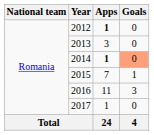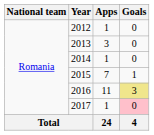 <table class="wikitable" style="text-align:center">
 <tr>
 <th>National team</th>
 <th>Year</th>
 <th>Apps</th>
 <th>Goals</th>
 </tr>
 <tr>
 <td rowspan="6"><a href='#'>Romania</a></td>
 <td>2012</td>
-<td><strong>1</strong></td>
+<td>1</td>
 <td>0</td>
 </tr>
 <tr>
 <td>2013</td>
 <td>3</td>
 <td>0</td>
 </tr>
 <tr>
 <td>2014</td>
-<td><strong>1</strong></td>
-<td style="background: lightsalmon;">0</td>
+<td>1</td>
+<td>0</td>
 </tr>
 <tr>
 <td>2015</td>
 <td>7</td>
 <td>1</td>
 </tr>
 <tr>
 <td>2016</td>
 <td>11</td>
-<td>3</td>
+<td style="background: khaki;">3</td>
 </tr>
 <tr>
 <td>2017</td>
 <td>1</td>
-<td>0</td>
+<td style="background: pink;">0</td>
 </tr>
 <tr>
 <th colspan="2">Total</th>
 <th>24</th>
 <th>4</th>
 </tr>
 </table>
